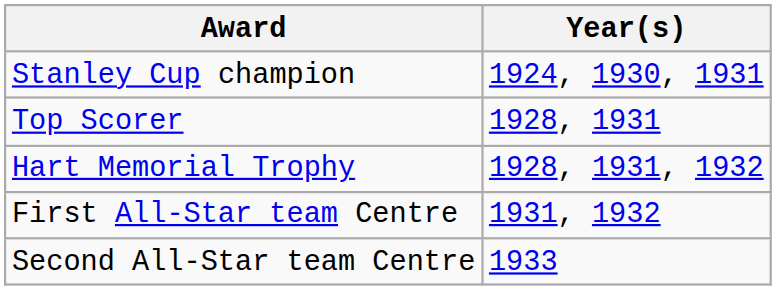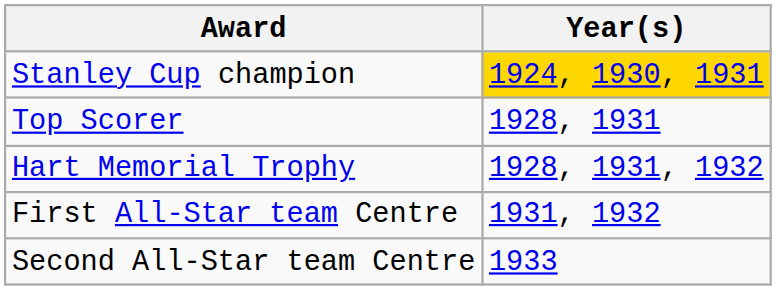 <table class="wikitable">
 <tr>
 <th>Award</th>
 <th>Year(s)</th>
 </tr>
 <tr>
 <td><a href='#'>Stanley Cup</a> champion</td>
-<td><a href='#'>1924</a>, <a href='#'>1930</a>, <a href='#'>1931</a></td>
+<td style="background: gold;"><a href='#'>1924</a>, <a href='#'>1930</a>, <a href='#'>1931</a></td>
 </tr>
 <tr>
 <td><a href='#'>Top Scorer</a></td>
 <td><a href='#'>1928</a>, <a href='#'>1931</a></td>
 </tr>
 <tr>
 <td><a href='#'>Hart Memorial Trophy</a></td>
 <td><a href='#'>1928</a>, <a href='#'>1931</a>, <a href='#'>1932</a></td>
 </tr>
 <tr>
 <td>First <a href='#'>All-Star team</a> Centre</td>
 <td><a href='#'>1931</a>, <a href='#'>1932</a></td>
 </tr>
 <tr>
 <td>Second All-Star team Centre</td>
 <td><a href='#'>1933</a></td>
 </tr>
 </table>
